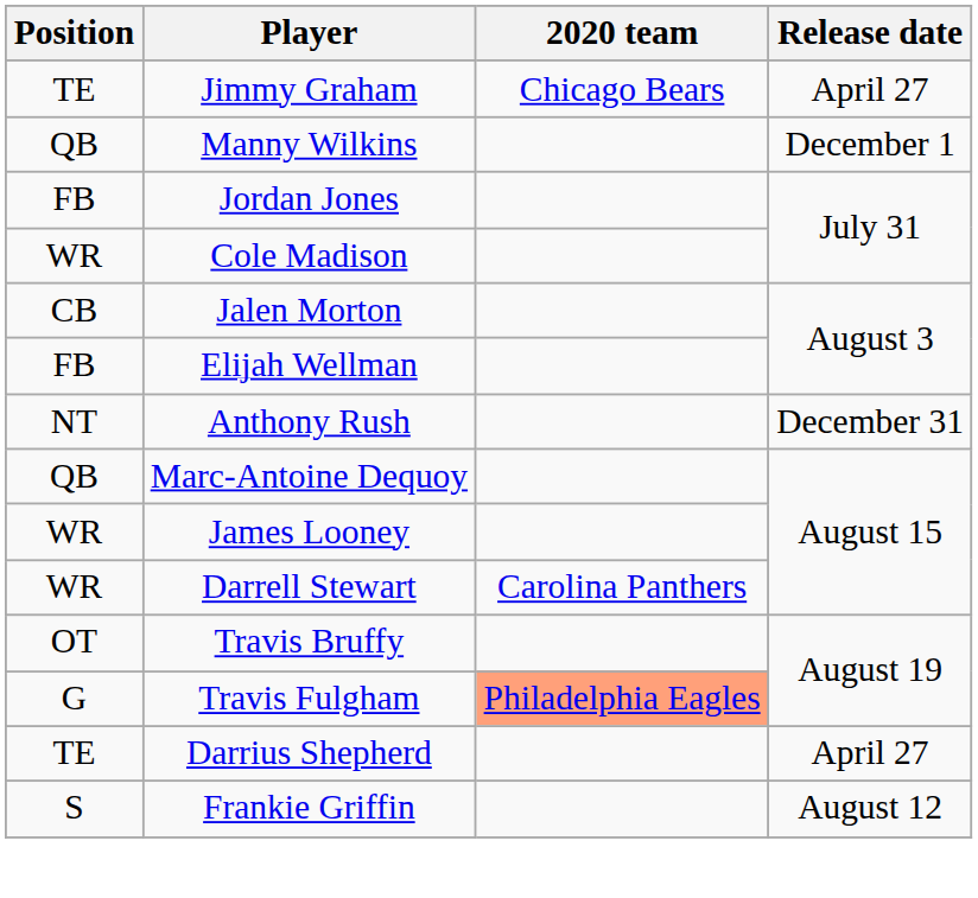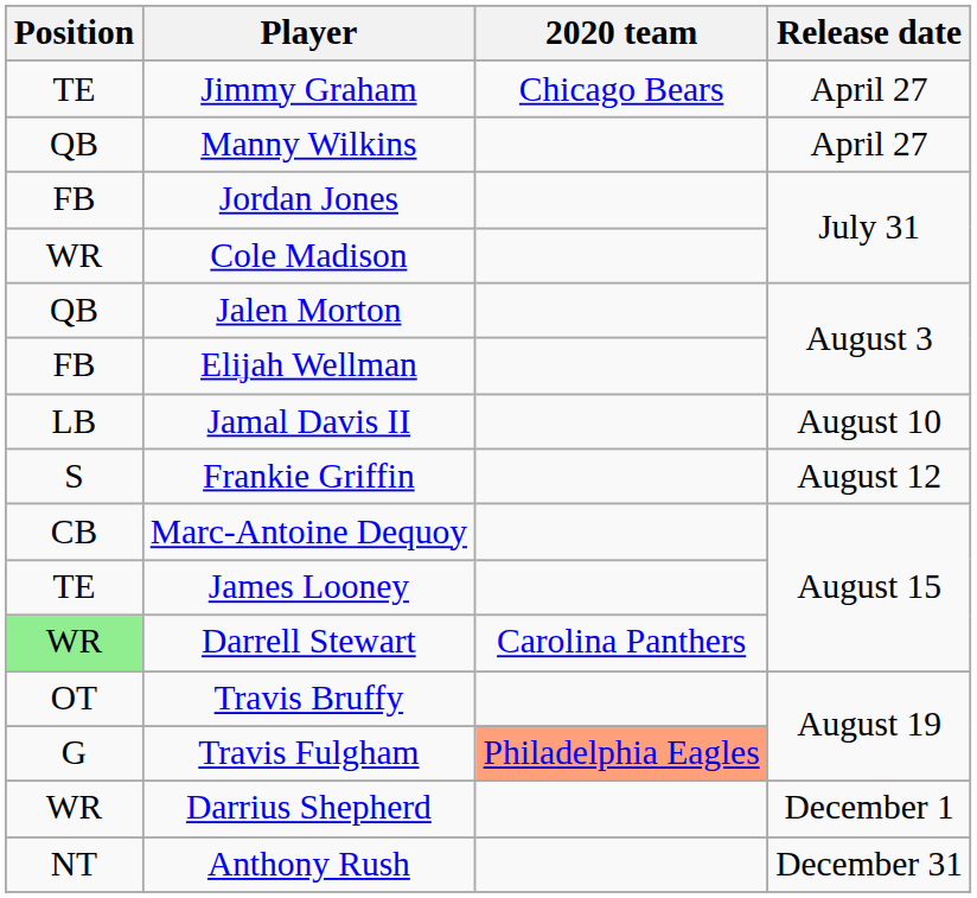 <table class="wikitable" style="text-align:center">
 <tr>
 <th>Position</th>
 <th>Player</th>
 <th>2020 team</th>
 <th>Release date</th>
 </tr>
 <tr>
 <td>TE</td>
 <td><a href='#'>Jimmy Graham</a></td>
 <td><a href='#'>Chicago Bears</a></td>
 <td>April 27</td>
 </tr>
 <tr>
 <td>QB</td>
 <td><a href='#'>Manny Wilkins</a></td>
 <td></td>
-<td>December 1</td>
+<td>April 27</td>
 </tr>
 <tr>
 <td>FB</td>
 <td><a href='#'>Jordan Jones</a></td>
 <td></td>
 <td rowspan=2>July 31</td>
 </tr>
 <tr>
 <td>WR</td>
 <td><a href='#'>Cole Madison</a></td>
 <td></td>
 </tr>
 <tr>
-<td>CB</td>
+<td>QB</td>
 <td><a href='#'>Jalen Morton</a></td>
 <td></td>
 <td rowspan=2>August 3</td>
 </tr>
 <tr>
 <td>FB</td>
 <td><a href='#'>Elijah Wellman</a></td>
 <td></td>
 </tr>
 <tr>
-<td>NT</td>
-<td><a href='#'>Anthony Rush</a></td>
+<td>LB</td>
+<td><a href='#'>Jamal Davis II</a></td>
 <td></td>
-<td>December 31</td>
+<td>August 10</td>
 </tr>
 <tr>
-<td>QB</td>
+<td>S</td>
+<td><a href='#'>Frankie Griffin</a></td>
+<td></td>
+<td>August 12</td>
+</tr>
+<tr>
+<td>CB</td>
 <td><a href='#'>Marc-Antoine Dequoy</a></td>
 <td></td>
 <td rowspan=3>August 15</td>
 </tr>
 <tr>
-<td>WR</td>
+<td>TE</td>
 <td><a href='#'>James Looney</a></td>
 <td></td>
 </tr>
 <tr>
-<td>WR</td>
+<td style="background: lightgreen;">WR</td>
 <td><a href='#'>Darrell Stewart</a></td>
 <td><a href='#'>Carolina Panthers</a></td>
 </tr>
 <tr>
 <td>OT</td>
 <td><a href='#'>Travis Bruffy</a></td>
 <td></td>
 <td rowspan=2>August 19</td>
 </tr>
 <tr>
 <td>G</td>
 <td><a href='#'>Travis Fulgham</a></td>
 <td style="background: lightsalmon;"><a href='#'>Philadelphia Eagles</a></td>
 </tr>
 <tr>
-<td>TE</td>
+<td>WR</td>
 <td><a href='#'>Darrius Shepherd</a></td>
 <td></td>
-<td>April 27</td>
+<td>December 1</td>
 </tr>
 <tr>
-<td>S</td>
-<td><a href='#'>Frankie Griffin</a></td>
+<td>NT</td>
+<td><a href='#'>Anthony Rush</a></td>
 <td></td>
-<td>August 12</td>
+<td>December 31</td>
 </tr>
 </table>
